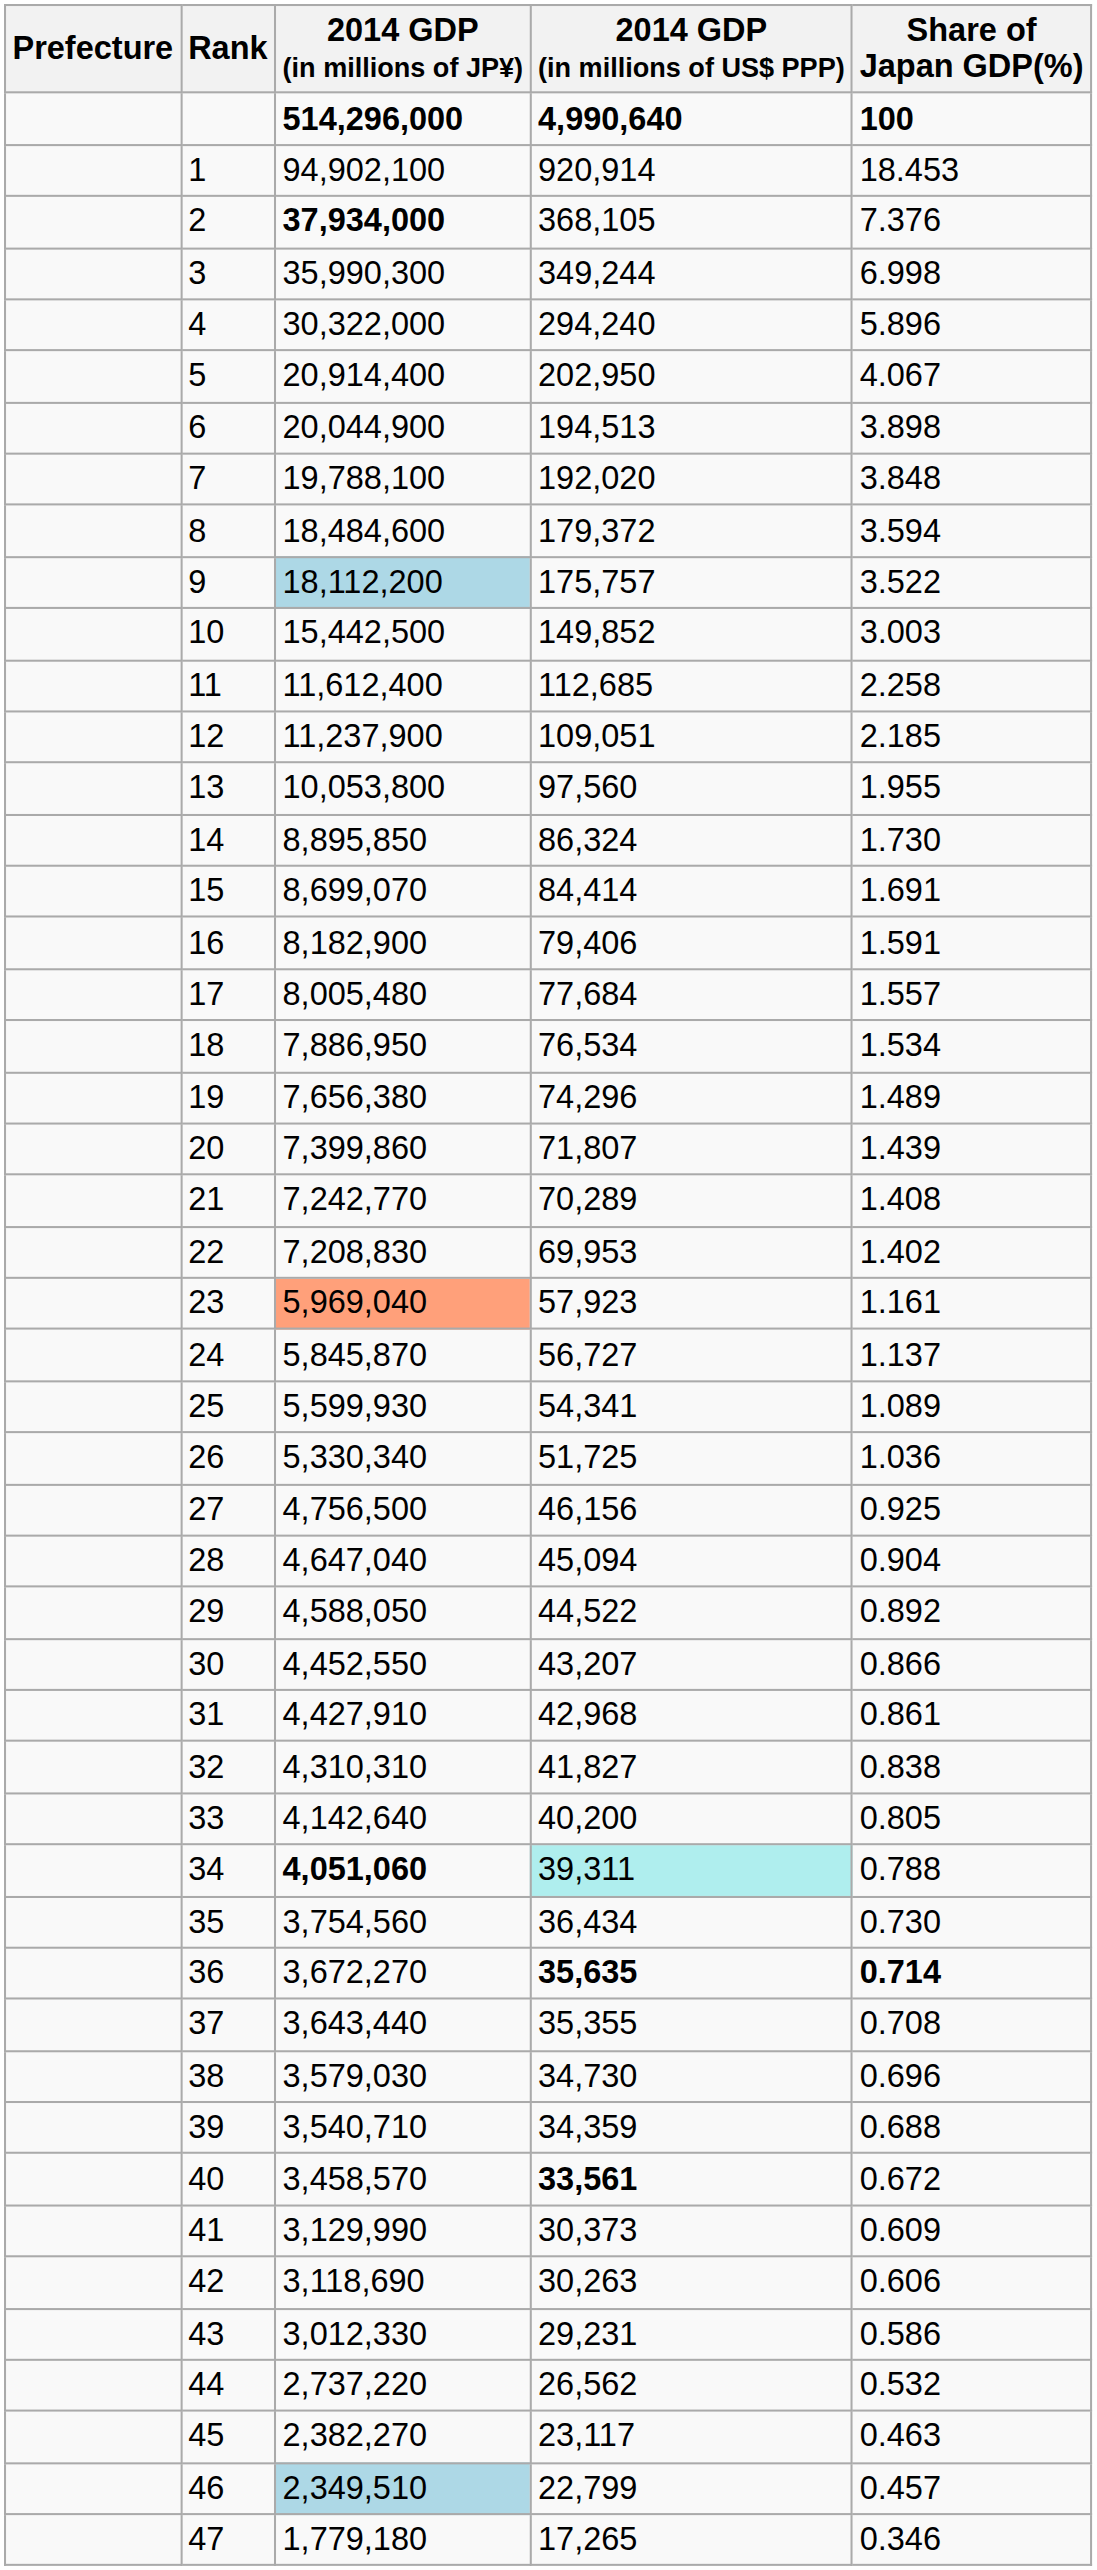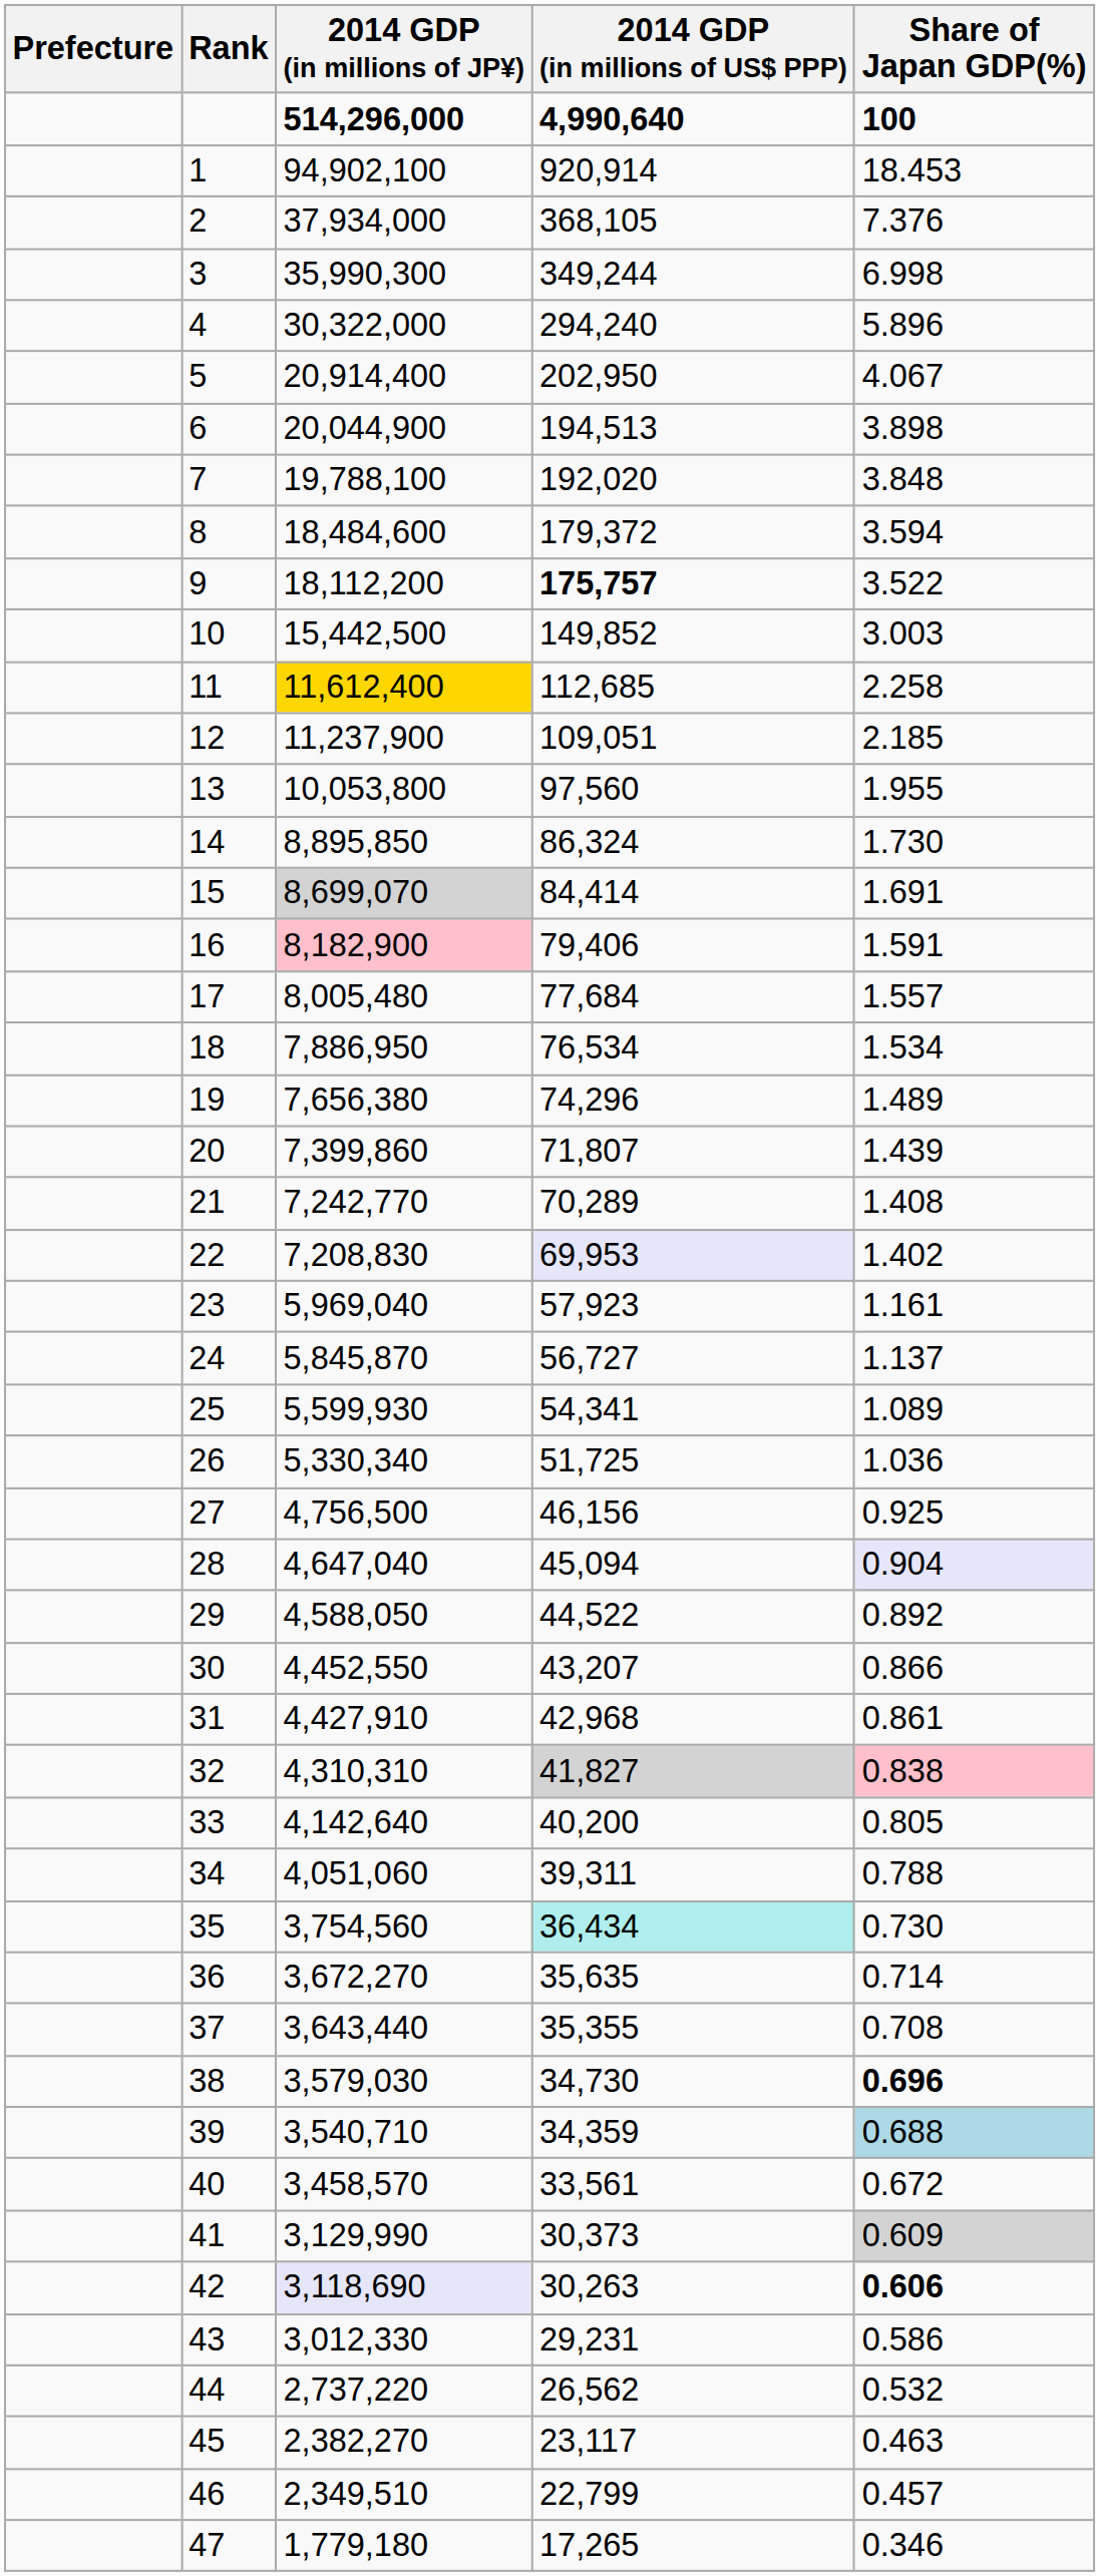 <table class="wikitable sortable">
 <tr>
 <th>Prefecture</th>
 <th>Rank</th>
 <th>2014 GDP <br><small> (in millions of JP¥) </small></th>
 <th>2014 GDP <br><small> (in millions of US$ PPP) </small></th>
 <th>Share of <br><span>Japan GDP(%)</span></th>
 </tr>
 <tr>
 <td><strong></strong></td>
 <td></td>
 <td><strong>514,296,000</strong></td>
 <td><strong>4,990,640</strong></td>
 <td><strong>100</strong></td>
 </tr>
 <tr>
 <td></td>
 <td>1</td>
 <td>94,902,100</td>
 <td>920,914</td>
 <td>18.453</td>
 </tr>
 <tr>
 <td></td>
 <td>2</td>
-<td><strong>37,934,000</strong></td>
+<td>37,934,000</td>
 <td>368,105</td>
 <td>7.376</td>
 </tr>
 <tr>
 <td></td>
 <td>3</td>
 <td>35,990,300</td>
 <td>349,244</td>
 <td>6.998</td>
 </tr>
 <tr>
 <td></td>
 <td>4</td>
 <td>30,322,000</td>
 <td>294,240</td>
 <td>5.896</td>
 </tr>
 <tr>
 <td></td>
 <td>5</td>
 <td>20,914,400</td>
 <td>202,950</td>
 <td>4.067</td>
 </tr>
 <tr>
 <td></td>
 <td>6</td>
 <td>20,044,900</td>
 <td>194,513</td>
 <td>3.898</td>
 </tr>
 <tr>
 <td></td>
 <td>7</td>
 <td>19,788,100</td>
 <td>192,020</td>
 <td>3.848</td>
 </tr>
 <tr>
 <td></td>
 <td>8</td>
 <td>18,484,600</td>
 <td>179,372</td>
 <td>3.594</td>
 </tr>
 <tr>
 <td></td>
 <td>9</td>
-<td style="background: lightblue;">18,112,200</td>
-<td>175,757</td>
+<td>18,112,200</td>
+<td><strong>175,757</strong></td>
 <td>3.522</td>
 </tr>
 <tr>
 <td></td>
 <td>10</td>
 <td>15,442,500</td>
 <td>149,852</td>
 <td>3.003</td>
 </tr>
 <tr>
 <td></td>
 <td>11</td>
-<td>11,612,400</td>
+<td style="background: gold;">11,612,400</td>
 <td>112,685</td>
 <td>2.258</td>
 </tr>
 <tr>
 <td></td>
 <td>12</td>
 <td>11,237,900</td>
 <td>109,051</td>
 <td>2.185</td>
 </tr>
 <tr>
 <td></td>
 <td>13</td>
 <td>10,053,800</td>
 <td>97,560</td>
 <td>1.955</td>
 </tr>
 <tr>
 <td></td>
 <td>14</td>
 <td>8,895,850</td>
 <td>86,324</td>
 <td>1.730</td>
 </tr>
 <tr>
 <td></td>
 <td>15</td>
-<td>8,699,070</td>
+<td style="background: lightgrey;">8,699,070</td>
 <td>84,414</td>
 <td>1.691</td>
 </tr>
 <tr>
 <td></td>
 <td>16</td>
-<td>8,182,900</td>
+<td style="background: pink;">8,182,900</td>
 <td>79,406</td>
 <td>1.591</td>
 </tr>
 <tr>
 <td></td>
 <td>17</td>
 <td>8,005,480</td>
 <td>77,684</td>
 <td>1.557</td>
 </tr>
 <tr>
 <td></td>
 <td>18</td>
 <td>7,886,950</td>
 <td>76,534</td>
 <td>1.534</td>
 </tr>
 <tr>
 <td></td>
 <td>19</td>
 <td>7,656,380</td>
 <td>74,296</td>
 <td>1.489</td>
 </tr>
 <tr>
 <td></td>
 <td>20</td>
 <td>7,399,860</td>
 <td>71,807</td>
 <td>1.439</td>
 </tr>
 <tr>
 <td></td>
 <td>21</td>
 <td>7,242,770</td>
 <td>70,289</td>
 <td>1.408</td>
 </tr>
 <tr>
 <td></td>
 <td>22</td>
 <td>7,208,830</td>
-<td>69,953</td>
+<td style="background: lavender;">69,953</td>
 <td>1.402</td>
 </tr>
 <tr>
 <td></td>
 <td>23</td>
-<td style="background: lightsalmon;">5,969,040</td>
+<td>5,969,040</td>
 <td>57,923</td>
 <td>1.161</td>
 </tr>
 <tr>
 <td></td>
 <td>24</td>
 <td>5,845,870</td>
 <td>56,727</td>
 <td>1.137</td>
 </tr>
 <tr>
 <td></td>
 <td>25</td>
 <td>5,599,930</td>
 <td>54,341</td>
 <td>1.089</td>
 </tr>
 <tr>
 <td></td>
 <td>26</td>
 <td>5,330,340</td>
 <td>51,725</td>
 <td>1.036</td>
 </tr>
 <tr>
 <td></td>
 <td>27</td>
 <td>4,756,500</td>
 <td>46,156</td>
 <td>0.925</td>
 </tr>
 <tr>
 <td></td>
 <td>28</td>
 <td>4,647,040</td>
 <td>45,094</td>
-<td>0.904</td>
+<td style="background: lavender;">0.904</td>
 </tr>
 <tr>
 <td></td>
 <td>29</td>
 <td>4,588,050</td>
 <td>44,522</td>
 <td>0.892</td>
 </tr>
 <tr>
 <td></td>
 <td>30</td>
 <td>4,452,550</td>
 <td>43,207</td>
 <td>0.866</td>
 </tr>
 <tr>
 <td></td>
 <td>31</td>
 <td>4,427,910</td>
 <td>42,968</td>
 <td>0.861</td>
 </tr>
 <tr>
 <td></td>
 <td>32</td>
 <td>4,310,310</td>
-<td>41,827</td>
-<td>0.838</td>
+<td style="background: lightgrey;">41,827</td>
+<td style="background: pink;">0.838</td>
 </tr>
 <tr>
 <td></td>
 <td>33</td>
 <td>4,142,640</td>
 <td>40,200</td>
 <td>0.805</td>
 </tr>
 <tr>
 <td></td>
 <td>34</td>
-<td><strong>4,051,060</strong></td>
-<td style="background: paleturquoise;">39,311</td>
+<td>4,051,060</td>
+<td>39,311</td>
 <td>0.788</td>
 </tr>
 <tr>
 <td></td>
 <td>35</td>
 <td>3,754,560</td>
-<td>36,434</td>
+<td style="background: paleturquoise;">36,434</td>
 <td>0.730</td>
 </tr>
 <tr>
 <td></td>
 <td>36</td>
 <td>3,672,270</td>
-<td><strong>35,635</strong></td>
-<td><strong>0.714</strong></td>
+<td>35,635</td>
+<td>0.714</td>
 </tr>
 <tr>
 <td></td>
 <td>37</td>
 <td>3,643,440</td>
 <td>35,355</td>
 <td>0.708</td>
 </tr>
 <tr>
 <td></td>
 <td>38</td>
 <td>3,579,030</td>
 <td>34,730</td>
-<td>0.696</td>
+<td><strong>0.696</strong></td>
 </tr>
 <tr>
 <td></td>
 <td>39</td>
 <td>3,540,710</td>
 <td>34,359</td>
-<td>0.688</td>
+<td style="background: lightblue;">0.688</td>
 </tr>
 <tr>
 <td></td>
 <td>40</td>
 <td>3,458,570</td>
-<td><strong>33,561</strong></td>
+<td>33,561</td>
 <td>0.672</td>
 </tr>
 <tr>
 <td></td>
 <td>41</td>
 <td>3,129,990</td>
 <td>30,373</td>
-<td>0.609</td>
+<td style="background: lightgrey;">0.609</td>
 </tr>
 <tr>
 <td></td>
 <td>42</td>
-<td>3,118,690</td>
+<td style="background: lavender;">3,118,690</td>
 <td>30,263</td>
-<td>0.606</td>
+<td><strong>0.606</strong></td>
 </tr>
 <tr>
 <td></td>
 <td>43</td>
 <td>3,012,330</td>
 <td>29,231</td>
 <td>0.586</td>
 </tr>
 <tr>
 <td></td>
 <td>44</td>
 <td>2,737,220</td>
 <td>26,562</td>
 <td>0.532</td>
 </tr>
 <tr>
 <td></td>
 <td>45</td>
 <td>2,382,270</td>
 <td>23,117</td>
 <td>0.463</td>
 </tr>
 <tr>
 <td></td>
 <td>46</td>
-<td style="background: lightblue;">2,349,510</td>
+<td>2,349,510</td>
 <td>22,799</td>
 <td>0.457</td>
 </tr>
 <tr>
 <td></td>
 <td>47</td>
 <td>1,779,180</td>
 <td>17,265</td>
 <td>0.346</td>
 </tr>
 </table>
